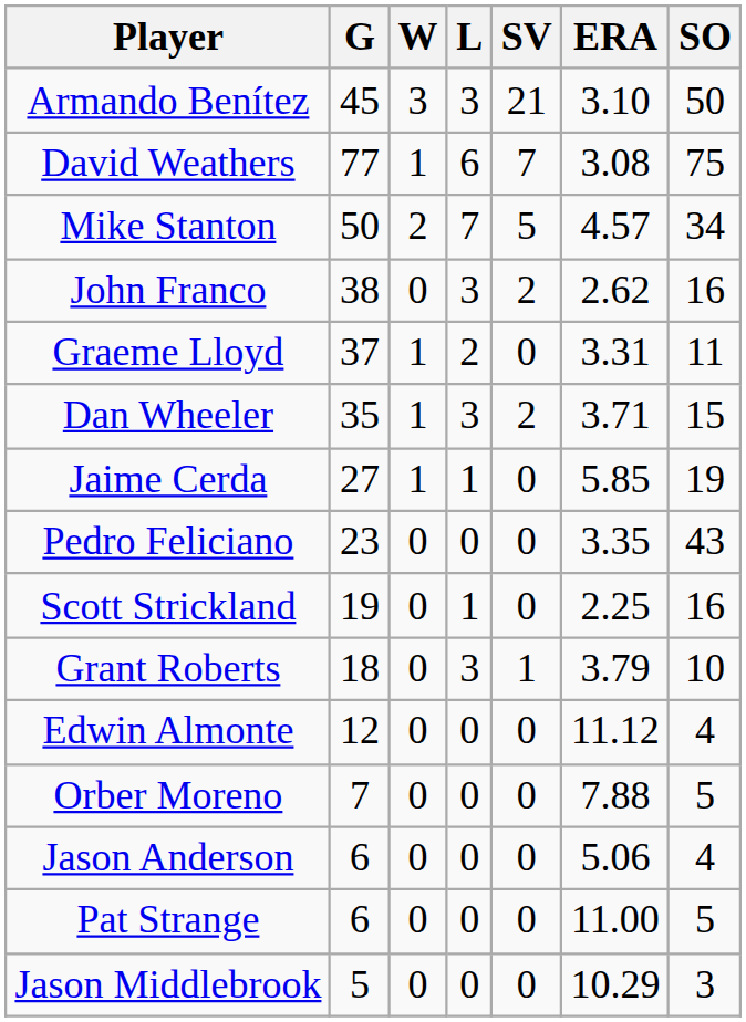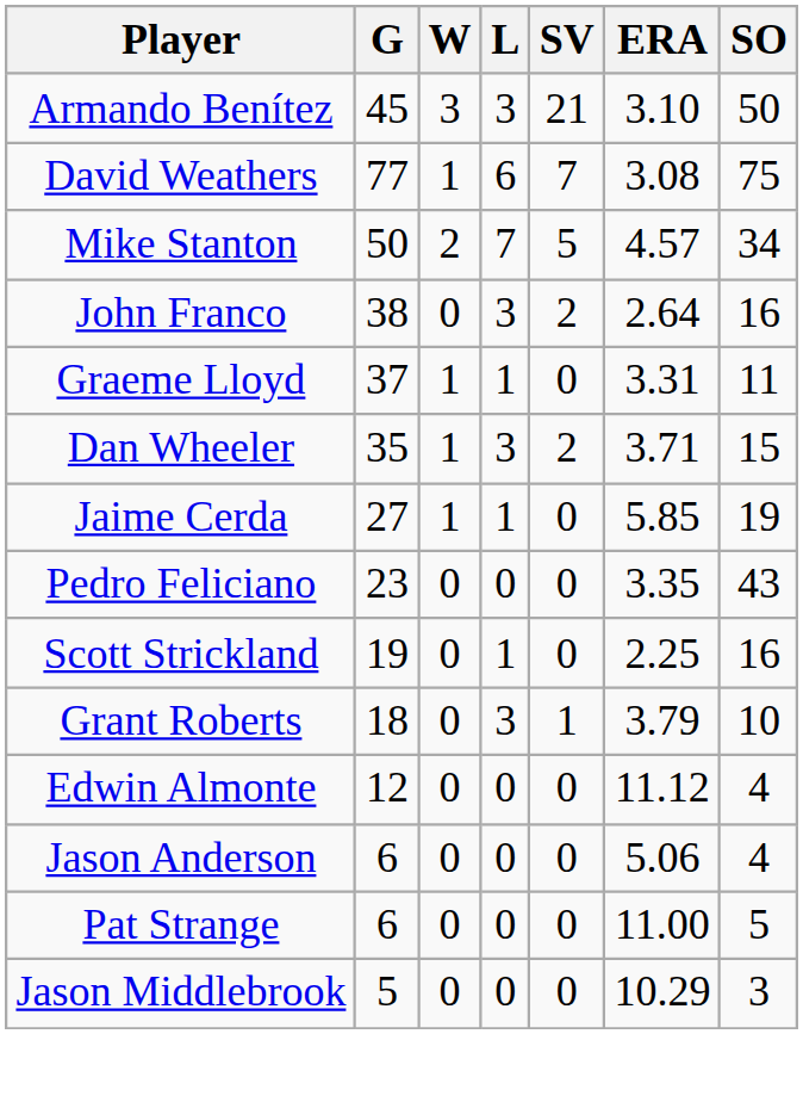 <table class="wikitable sortable">
 <tr>
 <th>Player</th>
 <th>G</th>
 <th>W</th>
 <th>L</th>
 <th>SV</th>
 <th>ERA</th>
 <th>SO</th>
 </tr>
 <tr align=center>
 <td><a href='#'>Armando Benítez</a></td>
 <td>45</td>
 <td>3</td>
 <td>3</td>
 <td>21</td>
 <td>3.10</td>
 <td>50</td>
 </tr>
 <tr align=center>
 <td><a href='#'>David Weathers</a></td>
 <td>77</td>
 <td>1</td>
 <td>6</td>
 <td>7</td>
 <td>3.08</td>
 <td>75</td>
 </tr>
 <tr align=center>
 <td><a href='#'>Mike Stanton</a></td>
 <td>50</td>
 <td>2</td>
 <td>7</td>
 <td>5</td>
 <td>4.57</td>
 <td>34</td>
 </tr>
 <tr align=center>
 <td><a href='#'>John Franco</a></td>
 <td>38</td>
 <td>0</td>
 <td>3</td>
 <td>2</td>
-<td>2.62</td>
+<td>2.64</td>
 <td>16</td>
 </tr>
 <tr align=center>
 <td><a href='#'>Graeme Lloyd</a></td>
 <td>37</td>
 <td>1</td>
-<td>2</td>
+<td>1</td>
 <td>0</td>
 <td>3.31</td>
 <td>11</td>
 </tr>
 <tr align=center>
 <td><a href='#'>Dan Wheeler</a></td>
 <td>35</td>
 <td>1</td>
 <td>3</td>
 <td>2</td>
 <td>3.71</td>
 <td>15</td>
 </tr>
 <tr align=center>
 <td><a href='#'>Jaime Cerda</a></td>
 <td>27</td>
 <td>1</td>
 <td>1</td>
 <td>0</td>
 <td>5.85</td>
 <td>19</td>
 </tr>
 <tr align=center>
 <td><a href='#'>Pedro Feliciano</a></td>
 <td>23</td>
 <td>0</td>
 <td>0</td>
 <td>0</td>
 <td>3.35</td>
 <td>43</td>
 </tr>
 <tr align=center>
 <td><a href='#'>Scott Strickland</a></td>
 <td>19</td>
 <td>0</td>
 <td>1</td>
 <td>0</td>
 <td>2.25</td>
 <td>16</td>
 </tr>
 <tr align=center>
 <td><a href='#'>Grant Roberts</a></td>
 <td>18</td>
 <td>0</td>
 <td>3</td>
 <td>1</td>
 <td>3.79</td>
 <td>10</td>
 </tr>
 <tr align=center>
 <td><a href='#'>Edwin Almonte</a></td>
 <td>12</td>
 <td>0</td>
 <td>0</td>
 <td>0</td>
 <td>11.12</td>
 <td>4</td>
 </tr>
 <tr align=center>
-<td><a href='#'>Orber Moreno</a></td>
-<td>7</td>
-<td>0</td>
-<td>0</td>
-<td>0</td>
-<td>7.88</td>
-<td>5</td>
-</tr>
-<tr align=center>
 <td><a href='#'>Jason Anderson</a></td>
 <td>6</td>
 <td>0</td>
 <td>0</td>
 <td>0</td>
 <td>5.06</td>
 <td>4</td>
 </tr>
 <tr align=center>
 <td><a href='#'>Pat Strange</a></td>
 <td>6</td>
 <td>0</td>
 <td>0</td>
 <td>0</td>
 <td>11.00</td>
 <td>5</td>
 </tr>
 <tr align=center>
 <td><a href='#'>Jason Middlebrook</a></td>
 <td>5</td>
 <td>0</td>
 <td>0</td>
 <td>0</td>
 <td>10.29</td>
 <td>3</td>
 </tr>
 </table>
